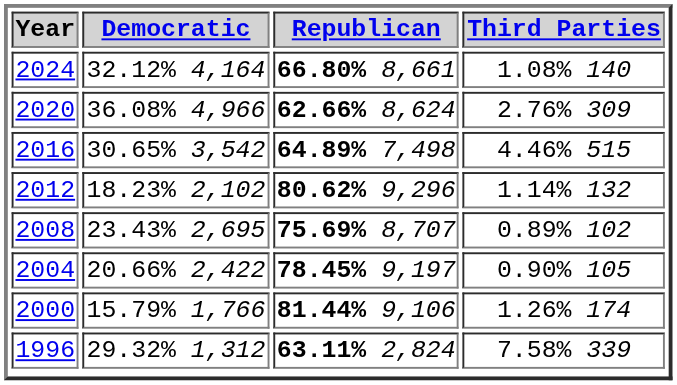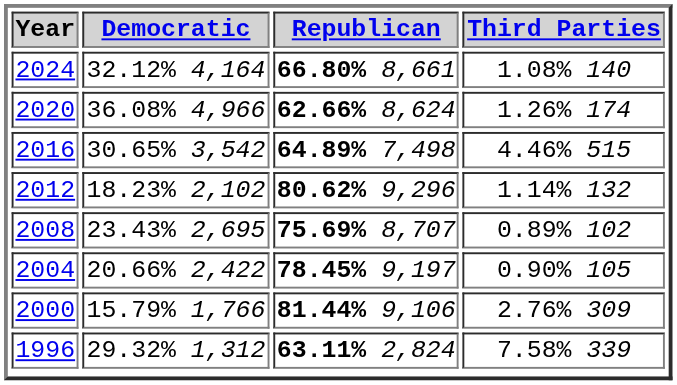 <table border = "2">
 <tr style="background:lightgrey;">
 <th>Year</th>
 <th><a href='#'>Democratic</a></th>
 <th><a href='#'>Republican</a></th>
 <th><a href='#'>Third Parties</a></th>
 </tr>
 <tr>
 <td align="center" ><a href='#'>2024</a></td>
 <td align="center" >32.12% <em>4,164</em></td>
 <td align="center" ><strong>66.80%</strong> <em>8,661</em></td>
 <td align="center" >1.08% <em>140</em></td>
 </tr>
 <tr>
 <td align="center" ><a href='#'>2020</a></td>
 <td align="center" >36.08% <em>4,966</em></td>
 <td align="center" ><strong>62.66%</strong> <em>8,624</em></td>
-<td align="center" >2.76% <em>309</em></td>
+<td align="center" >1.26% <em>174</em></td>
 </tr>
 <tr>
 <td align="center" ><a href='#'>2016</a></td>
 <td align="center" >30.65% <em>3,542</em></td>
 <td align="center" ><strong>64.89%</strong> <em>7,498</em></td>
 <td align="center" >4.46% <em>515</em></td>
 </tr>
 <tr>
 <td align="center" ><a href='#'>2012</a></td>
 <td align="center" >18.23% <em>2,102</em></td>
 <td align="center" ><strong>80.62%</strong> <em>9,296</em></td>
 <td align="center" >1.14% <em>132</em></td>
 </tr>
 <tr>
 <td align="center" ><a href='#'>2008</a></td>
 <td align="center" >23.43% <em>2,695</em></td>
 <td align="center" ><strong>75.69%</strong> <em>8,707</em></td>
 <td align="center" >0.89% <em>102</em></td>
 </tr>
 <tr>
 <td align="center" ><a href='#'>2004</a></td>
 <td align="center" >20.66% <em>2,422</em></td>
 <td align="center" ><strong>78.45%</strong> <em>9,197</em></td>
 <td align="center" >0.90% <em>105</em></td>
 </tr>
 <tr>
 <td align="center" ><a href='#'>2000</a></td>
 <td align="center" >15.79% <em>1,766</em></td>
 <td align="center" ><strong>81.44%</strong> <em>9,106</em></td>
-<td align="center" >1.26% <em>174</em></td>
+<td align="center" >2.76% <em>309</em></td>
 </tr>
 <tr>
 <td align="center" ><a href='#'>1996</a></td>
 <td align="center" >29.32% <em>1,312</em></td>
 <td align="center" ><strong>63.11%</strong> <em>2,824</em></td>
 <td align="center" >7.58% <em>339</em></td>
 </tr>
 <tr>
 </tr>
 </table>
